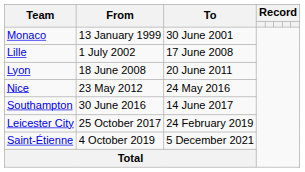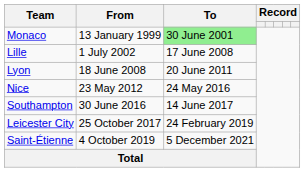 <table class=wikitable style="text-align: center">
 <tr>
 <th rowspan=2>Team</th>
 <th rowspan=2>From</th>
 <th rowspan=2>To</th>
 <th colspan=5>Record</th>
 </tr>
 <tr>
 <th></th>
 <th></th>
 <th></th>
 <th></th>
 <th></th>
 </tr>
 <tr>
 <td align=left><a href='#'>Monaco</a></td>
 <td align=left>13 January 1999</td>
-<td align=left>30 June 2001<br></td>
+<td align=left style="background: lightgreen;">30 June 2001<br></td>
 </tr>
 <tr>
 <td align=left><a href='#'>Lille</a></td>
 <td align=left>1 July 2002</td>
 <td align=left>17 June 2008<br></td>
 </tr>
 <tr>
 <td align=left><a href='#'>Lyon</a></td>
 <td align=left>18 June 2008</td>
 <td align=left>20 June 2011<br></td>
 </tr>
 <tr>
 <td align=left><a href='#'>Nice</a></td>
 <td align=left>23 May 2012</td>
 <td align=left>24 May 2016<br></td>
 </tr>
 <tr>
 <td align=left><a href='#'>Southampton</a></td>
 <td align=left>30 June 2016</td>
 <td align=left>14 June 2017<br></td>
 </tr>
 <tr>
 <td align=left><a href='#'>Leicester City</a></td>
 <td align=left>25 October 2017</td>
 <td align=left>24 February 2019<br></td>
 </tr>
 <tr>
 <td align=left><a href='#'>Saint-Étienne</a></td>
 <td align=left>4 October 2019</td>
 <td align=left>5 December 2021<br></td>
 </tr>
 <tr>
 <th colspan=3>Total<br></th>
 </tr>
 </table>
